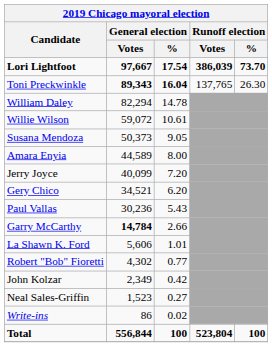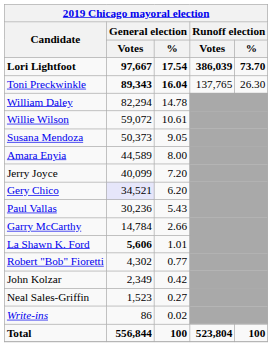 <table class=wikitable>
 <tr>
 <th colspan=5><a href='#'>2019 Chicago mayoral election</a></th>
 </tr>
 <tr>
 <th colspan=1 rowspan=2>Candidate</th>
 <th colspan=2>General election</th>
 <th colspan=2><strong>Runoff election</strong></th>
 </tr>
 <tr>
 <th>Votes</th>
 <th>%</th>
 <th>Votes</th>
 <th>%</th>
 </tr>
 <tr>
 <td><strong>Lori Lightfoot</strong></td>
 <td align="right"><strong>97,667</strong></td>
 <td align="right"><strong>17.54</strong></td>
 <td align="right"><strong>386,039</strong></td>
 <td align="right"><strong>73.70</strong></td>
 </tr>
 <tr>
 <td><a href='#'>Toni Preckwinkle</a></td>
 <td align="right"><strong>89,343</strong></td>
 <td align="right"><strong>16.04</strong></td>
 <td align="right">137,765</td>
 <td align="right">26.30</td>
 </tr>
 <tr>
 <td><a href='#'>William Daley</a></td>
 <td align="right">82,294</td>
 <td align="right">14.78</td>
 <td colspan=2 bgcolor=darkgray></td>
 </tr>
 <tr>
 <td><a href='#'>Willie Wilson</a></td>
 <td align="right">59,072</td>
 <td align="right">10.61</td>
 <td colspan=2 bgcolor=darkgray></td>
 </tr>
 <tr>
 <td><a href='#'>Susana Mendoza</a></td>
 <td align="right">50,373</td>
 <td align="right">9.05</td>
 <td colspan=2 bgcolor=darkgray></td>
 </tr>
 <tr>
 <td><a href='#'>Amara Enyia</a></td>
 <td align="right">44,589</td>
 <td align="right">8.00</td>
 <td colspan=2 bgcolor=darkgray></td>
 </tr>
 <tr>
 <td>Jerry Joyce</td>
 <td align="right">40,099</td>
 <td align="right">7.20</td>
 <td colspan=2 bgcolor=darkgray></td>
 </tr>
 <tr>
 <td><a href='#'>Gery Chico</a></td>
-<td align="right">34,521</td>
+<td align="right" style="background: lavender;">34,521</td>
 <td align="right">6.20</td>
 <td colspan=2 bgcolor=darkgray></td>
 </tr>
 <tr>
 <td><a href='#'>Paul Vallas</a></td>
 <td align="right">30,236</td>
 <td align="right">5.43</td>
 <td colspan=2 bgcolor=darkgray></td>
 </tr>
 <tr>
 <td><a href='#'>Garry McCarthy</a></td>
-<td align="right"><strong>14,784</strong></td>
+<td align="right">14,784</td>
 <td align="right">2.66</td>
 <td colspan=2 bgcolor=darkgray></td>
 </tr>
 <tr>
 <td><a href='#'>La Shawn K. Ford</a></td>
-<td align="right">5,606</td>
+<td align="right"><strong>5,606</strong></td>
 <td align="right">1.01</td>
 <td colspan=2 bgcolor=darkgray></td>
 </tr>
 <tr>
 <td><a href='#'>Robert "Bob" Fioretti</a></td>
 <td align="right">4,302</td>
 <td align="right">0.77</td>
 <td colspan=2 bgcolor=darkgray></td>
 </tr>
 <tr>
 <td>John Kolzar</td>
 <td align="right">2,349</td>
 <td align="right">0.42</td>
 <td colspan=2 bgcolor=darkgray></td>
 </tr>
 <tr>
 <td>Neal Sales-Griffin</td>
 <td align="right">1,523</td>
 <td align="right">0.27</td>
 <td colspan=2 bgcolor=darkgray></td>
 </tr>
 <tr>
 <td><em><a href='#'>Write-ins</a></em></td>
 <td align="right">86</td>
 <td align="right">0.02</td>
 <td colspan=2 bgcolor=darkgray></td>
 </tr>
 <tr>
 <td><strong>Total</strong></td>
 <td align="right"><strong>556,844</strong></td>
 <td align="right"><strong>100</strong></td>
 <td align="right"><strong>523,804</strong></td>
 <td align="right"><strong>100</strong></td>
 </tr>
 <tr>
 </tr>
 </table>
